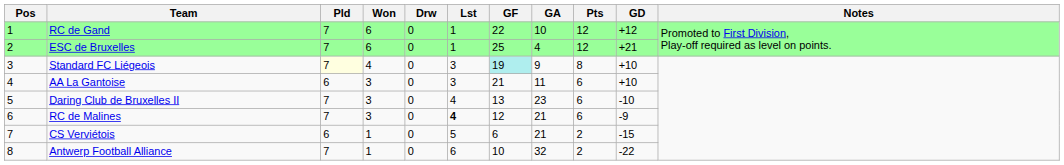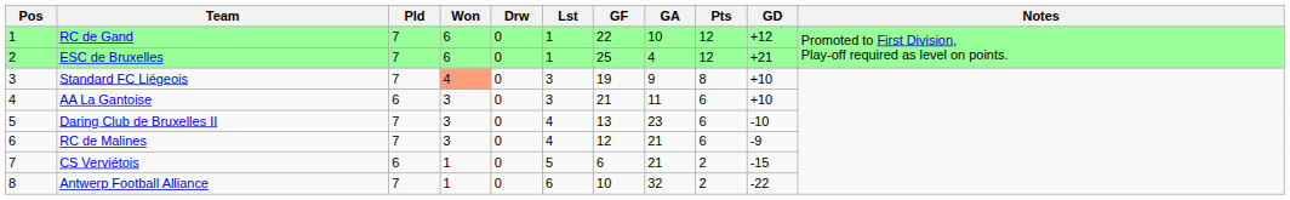 <table class="wikitable" width=70% style="font-size:90%">
 <tr>
 <th width=4%><strong>Pos</strong></th>
 <th width=26%><strong>Team</strong></th>
 <th width=4%><strong>Pld</strong></th>
 <th width=4%><strong>Won</strong></th>
 <th width=4%><strong>Drw</strong></th>
 <th width=4%><strong>Lst</strong></th>
 <th width=4%><strong>GF</strong></th>
 <th width=4%><strong>GA</strong></th>
 <th width=4%><strong>Pts</strong></th>
 <th width=4%><strong>GD</strong></th>
 <th width=38%><strong>Notes</strong></th>
 </tr>
 <tr bgcolor=#99ff99>
 <td>1</td>
 <td><a href='#'>RC de Gand</a></td>
 <td>7</td>
 <td>6</td>
 <td>0</td>
 <td>1</td>
 <td>22</td>
 <td>10</td>
 <td>12</td>
 <td>+12</td>
 <td rowspan=2>Promoted to <a href='#'>First Division</a>,<br>Play-off required as level on points.</td>
 </tr>
 <tr bgcolor=#99ff99>
 <td>2</td>
 <td><a href='#'>ESC de Bruxelles</a></td>
 <td>7</td>
 <td>6</td>
 <td>0</td>
 <td>1</td>
 <td>25</td>
 <td>4</td>
 <td>12</td>
 <td>+21</td>
 </tr>
 <tr>
 <td>3</td>
 <td><a href='#'>Standard FC Liégeois</a></td>
-<td style="background: lightyellow;">7</td>
-<td>4</td>
+<td>7</td>
+<td style="background: lightsalmon;">4</td>
 <td>0</td>
 <td>3</td>
-<td style="background: paleturquoise;">19</td>
+<td>19</td>
 <td>9</td>
 <td>8</td>
 <td>+10</td>
 </tr>
 <tr>
 <td>4</td>
 <td><a href='#'>AA La Gantoise</a></td>
 <td>6</td>
 <td>3</td>
 <td>0</td>
 <td>3</td>
 <td>21</td>
 <td>11</td>
 <td>6</td>
 <td>+10</td>
 </tr>
 <tr>
 <td>5</td>
 <td><a href='#'>Daring Club de Bruxelles II</a></td>
 <td>7</td>
 <td>3</td>
 <td>0</td>
 <td>4</td>
 <td>13</td>
 <td>23</td>
 <td>6</td>
 <td>-10</td>
 </tr>
 <tr>
 <td>6</td>
 <td><a href='#'>RC de Malines</a></td>
 <td>7</td>
 <td>3</td>
 <td>0</td>
-<td><strong>4</strong></td>
+<td>4</td>
 <td>12</td>
 <td>21</td>
 <td>6</td>
 <td>-9</td>
 </tr>
 <tr>
 <td>7</td>
 <td><a href='#'>CS Verviétois</a></td>
 <td>6</td>
 <td>1</td>
 <td>0</td>
 <td>5</td>
 <td>6</td>
 <td>21</td>
 <td>2</td>
 <td>-15</td>
 </tr>
 <tr>
 <td>8</td>
 <td><a href='#'>Antwerp Football Alliance</a></td>
 <td>7</td>
 <td>1</td>
 <td>0</td>
 <td>6</td>
 <td>10</td>
 <td>32</td>
 <td>2</td>
 <td>-22</td>
 </tr>
 </table>
